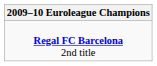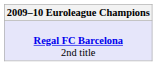 <table class=wikitable style="text-align:center; margin:auto">
 <tr>
 <th>2009–10 Euroleague Champions</th>
 </tr>
 <tr>
-<td><br> <strong><a href='#'>Regal FC Barcelona</a></strong><br>2nd title</td>
+<td style="background: lavender;"><br> <strong><a href='#'>Regal FC Barcelona</a></strong><br>2nd title</td>
 </tr>
 </table>
